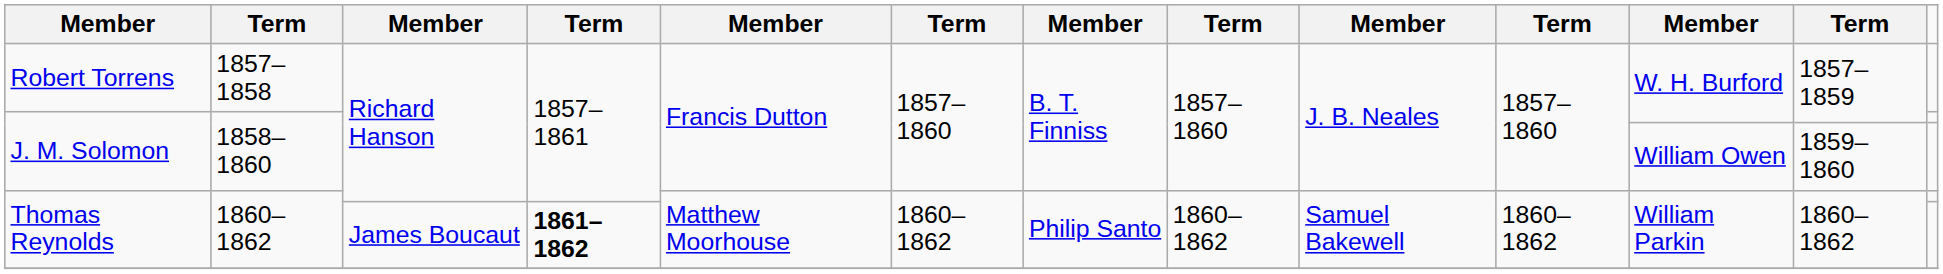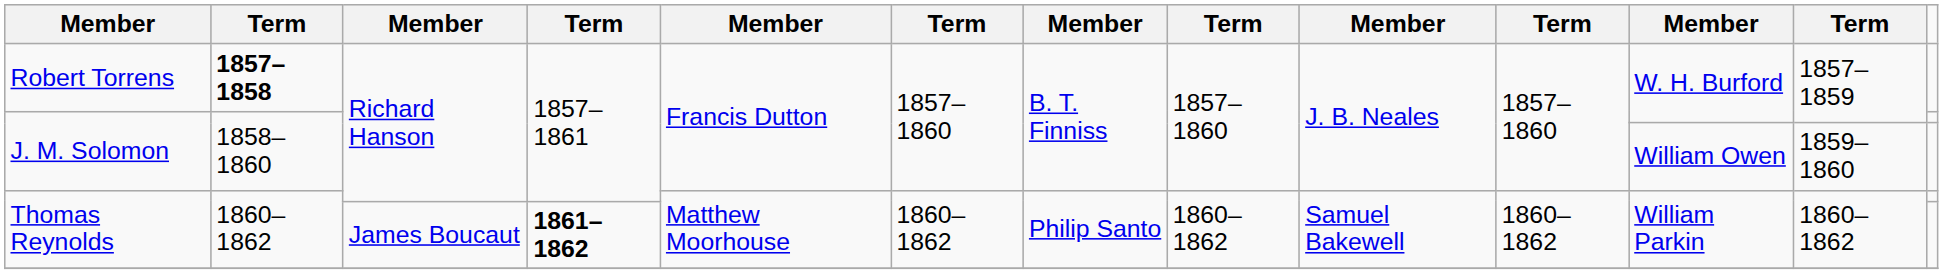 <table class="wikitable">
 <tr>
 <th>Member</th>
 <th>Term</th>
 <th>Member</th>
 <th>Term</th>
 <th>Member</th>
 <th>Term</th>
 <th>Member</th>
 <th>Term</th>
 <th>Member</th>
 <th>Term</th>
 <th>Member</th>
 <th>Term</th>
 </tr>
 <tr>
 <td><a href='#'>Robert Torrens</a></td>
-<td>1857–1858</td>
+<td><strong>1857–1858</strong></td>
 <td rowspan=4><a href='#'>Richard Hanson</a></td>
 <td rowspan=4>1857–1861</td>
 <td rowspan=3><a href='#'>Francis Dutton</a></td>
 <td rowspan=3>1857–1860</td>
 <td rowspan=3><a href='#'>B. T. Finniss</a></td>
 <td rowspan=3>1857–1860</td>
 <td rowspan=3><a href='#'>J. B. Neales</a></td>
 <td rowspan=3>1857–1860</td>
 <td rowspan=2><a href='#'>W. H. Burford</a></td>
 <td rowspan=2>1857–1859</td>
 <td></td>
 </tr>
 <tr>
 <td rowspan=2><a href='#'>J. M. Solomon</a></td>
 <td rowspan=2>1858–1860</td>
 <td></td>
 </tr>
 <tr>
 <td><a href='#'>William Owen</a></td>
 <td>1859–1860</td>
 <td></td>
 </tr>
 <tr>
 <td rowspan=2><a href='#'>Thomas Reynolds</a></td>
 <td rowspan=2>1860–1862</td>
 <td rowspan=2><a href='#'>Matthew Moorhouse</a></td>
 <td rowspan=2>1860–1862</td>
 <td rowspan=2><a href='#'>Philip Santo</a></td>
 <td rowspan=2>1860–1862</td>
 <td rowspan=2><a href='#'>Samuel Bakewell</a></td>
 <td rowspan=2>1860–1862</td>
 <td rowspan=2><a href='#'>William Parkin</a></td>
 <td rowspan=2>1860–1862</td>
 <td></td>
 </tr>
 <tr>
 <td><a href='#'>James Boucaut</a></td>
 <td><strong>1861–1862</strong></td>
 <td></td>
 </tr>
 <tr>
 </tr>
 </table>
